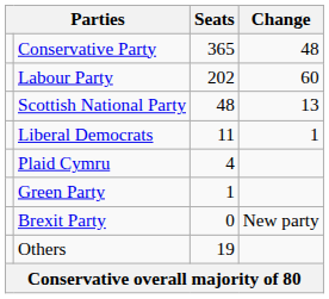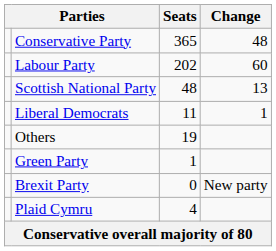 <table class="wikitable">
 <tr>
 <th colspan="2" style="vertical-align:top;">Parties</th>
 <th style="vertical-align:top;">Seats</th>
 <th style="vertical-align:top;">Change</th>
 </tr>
 <tr>
 <td style="color:inherit;background:"></td>
 <td><a href='#'>Conservative Party</a></td>
 <td style="text-align:right;">365</td>
 <td align="right"> 48</td>
 </tr>
 <tr>
 <td style="color:inherit;background:"></td>
 <td><a href='#'>Labour Party</a></td>
 <td style="text-align:right;">202</td>
 <td align="right"> 60</td>
 </tr>
 <tr>
 <td style="color:inherit;background:"></td>
 <td><a href='#'>Scottish National Party</a></td>
 <td style="text-align:right;">48</td>
 <td align="right"> 13</td>
 </tr>
 <tr>
 <td style="color:inherit;background:"></td>
 <td><a href='#'>Liberal Democrats</a></td>
 <td style="text-align:right;">11</td>
 <td align="right"> 1</td>
 </tr>
 <tr>
 <td style="color:inherit;background:"></td>
-<td><a href='#'>Plaid Cymru</a></td>
-<td style="text-align:right;">4</td>
+<td>Others</td>
+<td style="text-align:right;">19</td>
 <td align="right"></td>
 </tr>
 <tr>
 <td style="color:inherit;background:"></td>
 <td><a href='#'>Green Party</a></td>
 <td style="text-align:right;">1</td>
 <td align="right"></td>
 </tr>
 <tr>
 <td style="color:inherit;background:"></td>
 <td><a href='#'>Brexit Party</a></td>
 <td style="text-align:right;">0</td>
 <td align="right">New party</td>
 </tr>
 <tr>
 <td style="color:inherit;background:"></td>
-<td>Others</td>
-<td style="text-align:right;">19</td>
+<td><a href='#'>Plaid Cymru</a></td>
+<td style="text-align:right;">4</td>
 <td align="right"></td>
 </tr>
 <tr>
 <th colspan="4" style="text-align:center; background:"><strong>Conservative overall majority of 80</strong></th>
 </tr>
 </table>
